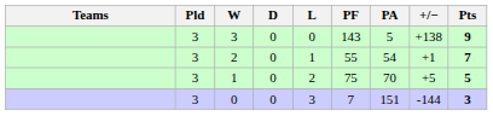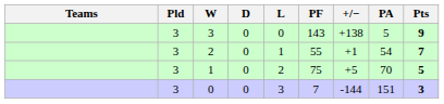 <table class="wikitable" style="text-align: center;">
 <tr>
 <th width="200">Teams</th>
 <th width="40">Pld</th>
 <th width="40">W</th>
 <th width="40">D</th>
 <th width="40">L</th>
 <th width="40">PF</th>
+<th width="40">+/−</th>
 <th width="40">PA</th>
-<th width="40">+/−</th>
 <th width="40">Pts</th>
 </tr>
 <tr bgcolor=ccffcc>
 <td align=left></td>
 <td>3</td>
 <td>3</td>
 <td>0</td>
 <td>0</td>
 <td>143</td>
+<td>+138</td>
 <td>5</td>
-<td>+138</td>
 <td><strong>9</strong></td>
 </tr>
 <tr bgcolor=ccffcc>
 <td align=left></td>
 <td>3</td>
 <td>2</td>
 <td>0</td>
 <td>1</td>
 <td>55</td>
+<td>+1</td>
 <td>54</td>
-<td>+1</td>
 <td><strong>7</strong></td>
 </tr>
 <tr bgcolor=ccffcc>
 <td align=left></td>
 <td>3</td>
 <td>1</td>
 <td>0</td>
 <td>2</td>
 <td>75</td>
+<td>+5</td>
 <td>70</td>
-<td>+5</td>
 <td><strong>5</strong></td>
 </tr>
 <tr bgcolor=ccccff>
 <td align=left></td>
 <td>3</td>
 <td>0</td>
 <td>0</td>
 <td>3</td>
 <td>7</td>
+<td>-144</td>
 <td>151</td>
-<td>-144</td>
 <td><strong>3</strong></td>
 </tr>
 </table>
